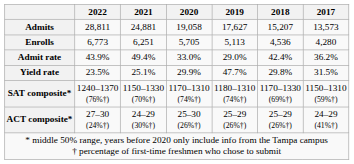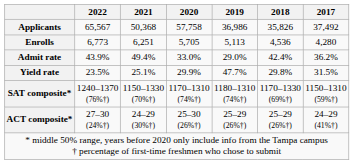 <table style="float:right; font-size:85%; margin:10px; text-align:center; font-size:85%; margin:auto;" class="wikitable">
 <tr>
 <th> </th>
 <th>2022</th>
 <th>2021</th>
 <th>2020</th>
 <th>2019</th>
 <th>2018</th>
 <th>2017</th>
 </tr>
 <tr>
-<th scope = "row">Admits</th>
-<td>28,811</td>
-<td>24,881</td>
-<td>19,058</td>
-<td>17,627</td>
-<td>15,207</td>
-<td>13,573</td>
+<th scope = "row">Applicants</th>
+<td>65,567</td>
+<td>50,368</td>
+<td>57,758</td>
+<td>36,986</td>
+<td>35,826</td>
+<td>37,492</td>
 </tr>
 <tr>
 <th scope = "row">Enrolls</th>
 <td>6,773</td>
 <td>6,251</td>
 <td>5,705</td>
 <td>5,113</td>
 <td>4,536</td>
 <td>4,280</td>
 </tr>
 <tr>
 <th scope = "row">Admit rate</th>
 <td>43.9%</td>
 <td>49.4%</td>
 <td>33.0%</td>
 <td>29.0%</td>
 <td>42.4%</td>
 <td>36.2%</td>
 </tr>
 <tr>
 <th scope = "row">Yield rate</th>
 <td>23.5%</td>
 <td>25.1%</td>
 <td>29.9%</td>
 <td>47.7%</td>
 <td>29.8%</td>
 <td>31.5%</td>
 </tr>
 <tr>
 <th scope = "row">SAT composite*</th>
 <td>1240⁠–1370<br><small>(76%†)</small></td>
 <td>1150⁠–1330<br><small>(70%†)</small></td>
 <td>1170⁠–1310<br><small>(74%†)</small></td>
 <td>1180⁠–1310<br><small>(74%†)</small></td>
 <td>1170⁠–1330<br><small>(69%†)</small></td>
 <td>1150⁠–1310<br><small>(59%†)</small></td>
 </tr>
 <tr>
 <th>ACT composite*</th>
 <td>27–30<br><small>(24%†)</small></td>
 <td>24–29<br><small>(30%†)</small></td>
 <td>25–30<br><small>(26%†)</small></td>
 <td>25–29<br><small>(26%†)</small></td>
 <td>25–29<br><small>(26%†)</small></td>
 <td>24–29<br><small>(41%†)</small></td>
 </tr>
 <tr>
 <td colspan=7>* middle 50% range, years before 2020 only include info from the Tampa campus<br>† percentage of first-time freshmen who chose to submit</td>
 </tr>
 </table>
